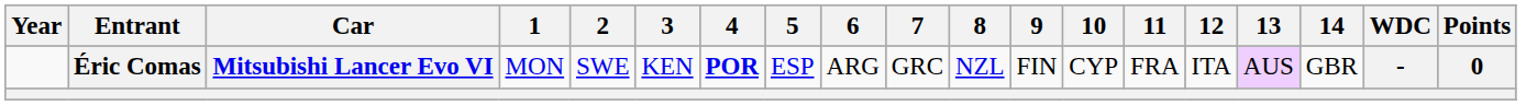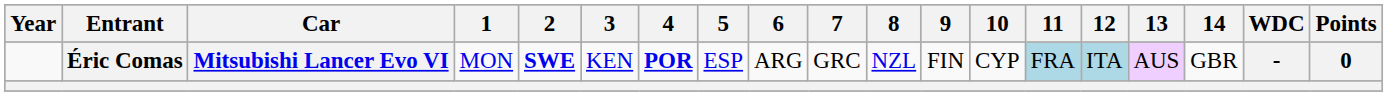 <table class="wikitable" border="1" style="text-align:center; font-size:85%;">
 <tr>
 <th>Year</th>
 <th>Entrant</th>
 <th>Car</th>
 <th>1</th>
 <th>2</th>
 <th>3</th>
 <th>4</th>
 <th>5</th>
 <th>6</th>
 <th>7</th>
 <th>8</th>
 <th>9</th>
 <th>10</th>
 <th>11</th>
 <th>12</th>
 <th>13</th>
 <th>14</th>
 <th>WDC</th>
 <th>Points</th>
 </tr>
 <tr>
 <td></td>
 <th nowrap>Éric Comas</th>
 <th nowrap><a href='#'>Mitsubishi Lancer Evo VI</a></th>
 <td><a href='#'>MON</a></td>
-<td><a href='#'>SWE</a></td>
+<td><strong><a href='#'>SWE</a></strong></td>
 <td><a href='#'>KEN</a></td>
 <td><strong><a href='#'>POR</a></strong></td>
 <td><a href='#'>ESP</a></td>
 <td>ARG</td>
 <td>GRC</td>
 <td><a href='#'>NZL</a></td>
 <td>FIN</td>
 <td>CYP</td>
-<td>FRA</td>
-<td>ITA</td>
+<td style="background: lightblue;">FRA</td>
+<td style="background: lightblue;">ITA</td>
 <td style="background:#EFCFFF;">AUS<br></td>
 <td>GBR</td>
 <th>-</th>
 <th>0</th>
 </tr>
 <tr>
 <th colspan="19"></th>
 </tr>
 </table>
